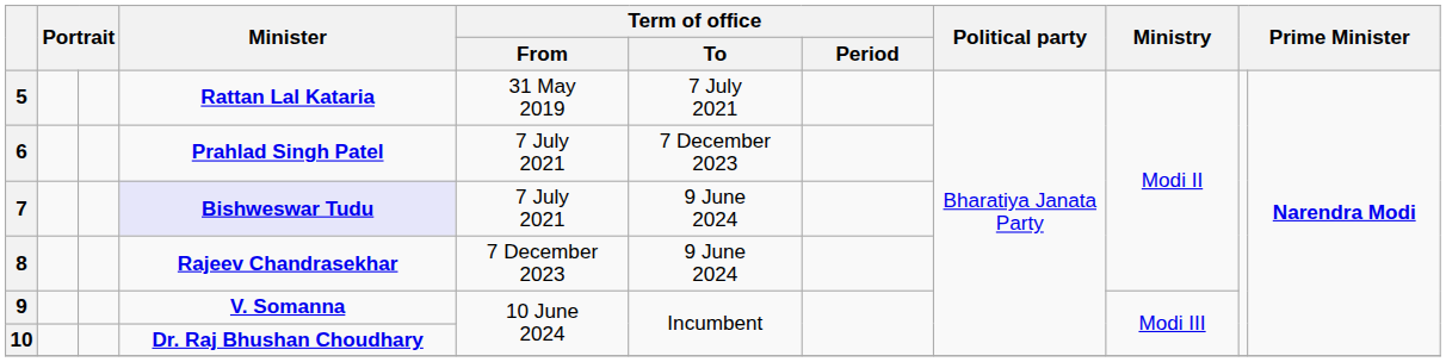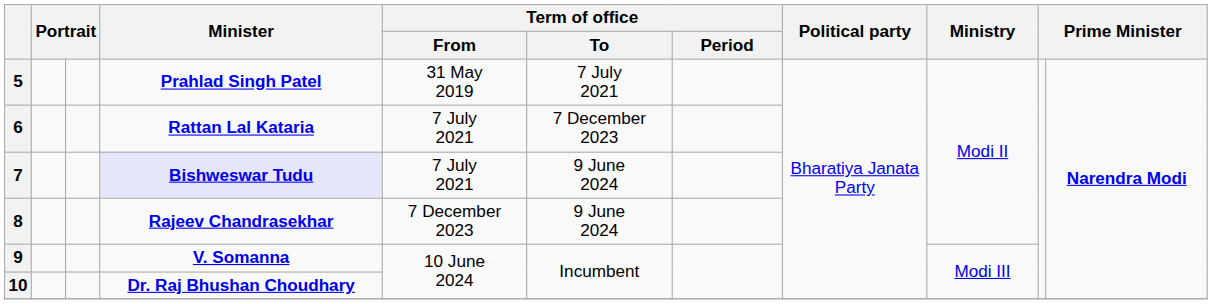 <table class="wikitable" style="text-align:center">
 <tr>
 <th rowspan="2"></th>
 <th rowspan="2" colspan="2">Portrait</th>
 <th rowspan="2" style="width:16em">Minister<br></th>
 <th colspan="3">Term of office</th>
 <th rowspan="2" style="width:8em">Political party</th>
 <th rowspan="2" style="width:6em">Ministry</th>
 <th rowspan="2" colspan="2">Prime Minister</th>
 </tr>
 <tr>
 <th style="width:8em">From</th>
 <th style="width:8em">To</th>
 <th style="width:6em">Period</th>
 </tr>
 <tr>
 <th>5</th>
 <td></td>
 <td></td>
-<td><strong><a href='#'>Rattan Lal Kataria</a></strong><br></td>
+<td><strong><a href='#'>Prahlad Singh Patel</a></strong><br></td>
 <td>31 May<br>2019</td>
 <td>7 July<br>2021</td>
 <td><strong></strong></td>
 <td rowspan="6"><a href='#'>Bharatiya Janata Party</a></td>
 <td rowspan="4"><a href='#'>Modi II</a></td>
 <td rowspan="6"></td>
 <td rowspan="6" style="width:9em"><strong><a href='#'>Narendra Modi</a></strong></td>
 </tr>
 <tr>
 <th>6</th>
 <td></td>
 <td></td>
-<td><strong><a href='#'>Prahlad Singh Patel</a></strong><br></td>
+<td><strong><a href='#'>Rattan Lal Kataria</a></strong><br></td>
 <td>7 July<br>2021</td>
 <td>7 December<br>2023</td>
 <td><strong></strong></td>
 </tr>
 <tr>
 <th>7</th>
 <td></td>
 <td></td>
 <td style="background: lavender;"><strong><a href='#'>Bishweswar Tudu</a></strong><br></td>
 <td>7 July<br>2021</td>
 <td>9 June<br>2024</td>
 <td><strong></strong></td>
 </tr>
 <tr>
 <th>8</th>
 <td></td>
 <td></td>
 <td><strong><a href='#'>Rajeev Chandrasekhar</a></strong><br></td>
 <td>7 December<br>2023</td>
 <td>9 June<br>2024</td>
 <td><strong></strong></td>
 </tr>
 <tr>
 <th>9</th>
 <td></td>
 <td></td>
 <td><strong><a href='#'>V. Somanna</a></strong><br></td>
 <td rowspan="2">10 June<br>2024</td>
 <td rowspan="2">Incumbent</td>
 <td rowspan="2"><strong></strong></td>
 <td rowspan="2"><a href='#'>Modi III</a></td>
 </tr>
 <tr>
 <th>10</th>
 <td></td>
 <td></td>
 <td><strong><a href='#'>Dr. Raj Bhushan Choudhary</a></strong><br></td>
 </tr>
 <tr>
 </tr>
 </table>
